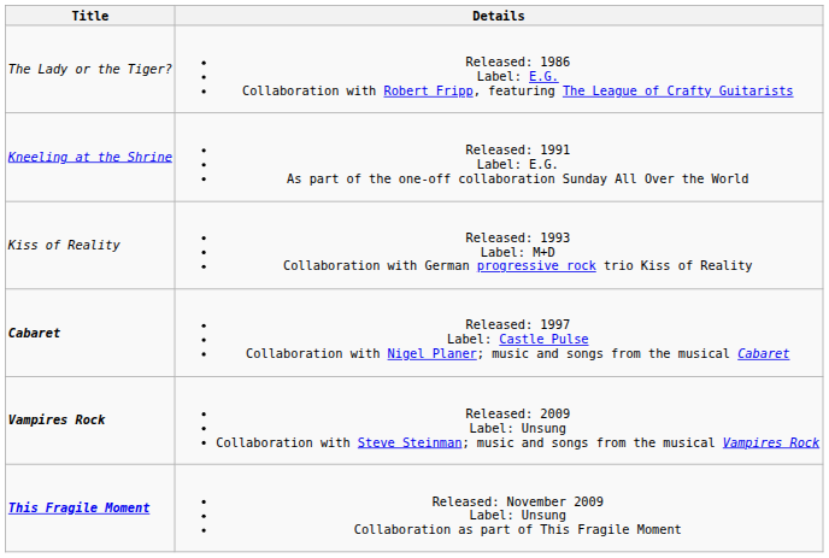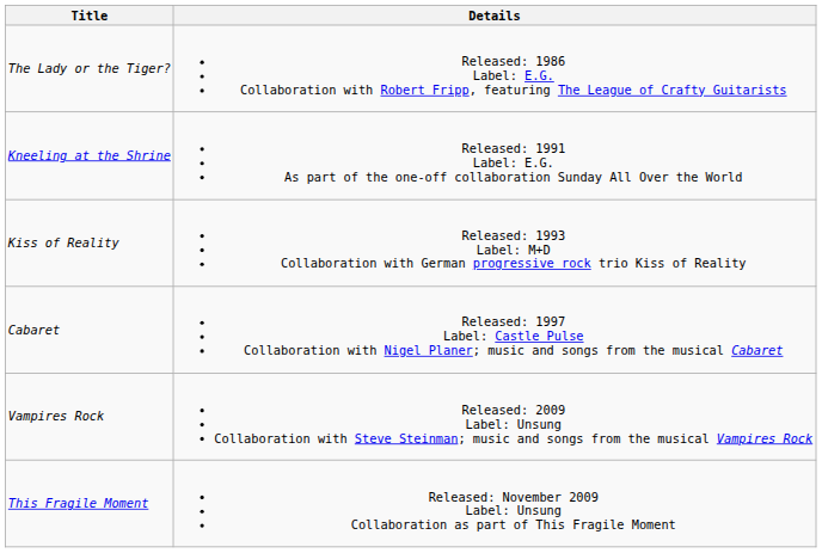 <table class="wikitable" style="text-align:center;">
 <tr>
 <th scope="col">Title</th>
 <th scope="col">Details</th>
 </tr>
 <tr>
 <td align="left"><em>The Lady or the Tiger?</em></td>
 <td><br><ul><li>Released: 1986</li><li>Label: <a href='#'>E.G.</a></li><li>Collaboration with <a href='#'>Robert Fripp</a>, featuring <a href='#'>The League of Crafty Guitarists</a></li></ul></td>
 </tr>
 <tr>
 <td align="left"><em><a href='#'>Kneeling at the Shrine</a></em></td>
 <td><br><ul><li>Released: 1991</li><li>Label: E.G.</li><li>As part of the one-off collaboration Sunday All Over the World</li></ul></td>
 </tr>
 <tr>
 <td align="left"><em>Kiss of Reality</em></td>
 <td><br><ul><li>Released: 1993</li><li>Label: M+D</li><li>Collaboration with German <a href='#'>progressive rock</a> trio Kiss of Reality</li></ul></td>
 </tr>
 <tr>
-<td align="left"><strong><em>Cabaret</em></strong></td>
+<td align="left"><em>Cabaret</em></td>
 <td><br><ul><li>Released: 1997</li><li>Label: <a href='#'>Castle Pulse</a></li><li>Collaboration with <a href='#'>Nigel Planer</a>; music and songs from the musical <em><a href='#'>Cabaret</a></em></li></ul></td>
 </tr>
 <tr>
-<td align="left"><strong><em>Vampires Rock</em></strong></td>
+<td align="left"><em>Vampires Rock</em></td>
 <td><br><ul><li>Released: 2009</li><li>Label: Unsung</li><li>Collaboration with <a href='#'>Steve Steinman</a>; music and songs from the musical <em><a href='#'>Vampires Rock</a></em></li></ul></td>
 </tr>
 <tr>
-<td align="left"><strong><em><a href='#'>This Fragile Moment</a></em></strong></td>
+<td align="left"><em><a href='#'>This Fragile Moment</a></em></td>
 <td><br><ul><li>Released: November 2009</li><li>Label: Unsung</li><li>Collaboration as part of This Fragile Moment</li></ul></td>
 </tr>
 </table>
